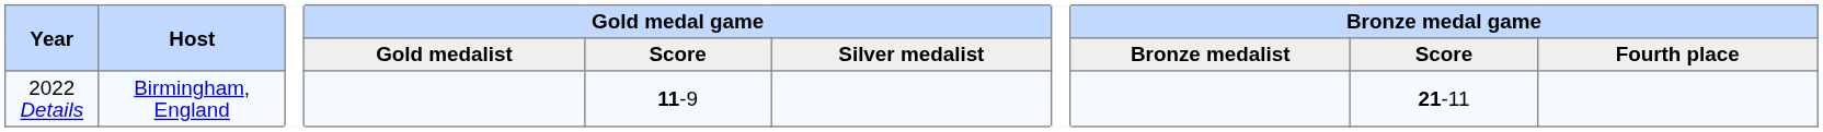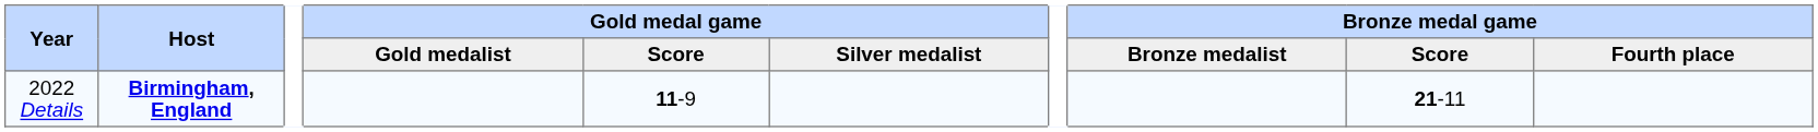 <table border=1 style="border-collapse:collapse; font-size:90%; text-align:center;" cellpadding=3 cellspacing=0>
 <tr bgcolor=#C1D8FF>
 <th rowspan=2 width=5%>Year</th>
 <th rowspan=2 width=10%>Host</th>
 <th rowspan="100%" width=1% bgcolor=white style="border-top:1px solid transparent; border-bottom:1px solid transparent;"></th>
 <th colspan=3>Gold medal game</th>
 <th rowspan="100%" width=1% bgcolor=white style="border-top:1px solid transparent; border-bottom:1px solid transparent;"></th>
 <th colspan=3>Bronze medal game</th>
 </tr>
 <tr bgcolor=#EFEFEF>
 <th width=15%>Gold medalist</th>
 <th width=10%>Score</th>
 <th width=15%>Silver medalist</th>
 <th width=15%>Bronze medalist</th>
 <th width=10%>Score</th>
 <th width=15%>Fourth place</th>
 </tr>
 <tr bgcolor=#F5FAFF>
 <td>2022<br><em><a href='#'>Details</a></em></td>
-<td><a href='#'>Birmingham</a>, <a href='#'>England</a></td>
+<td><strong><a href='#'>Birmingham</a>, <a href='#'>England</a></strong></td>
 <td></td>
 <td><strong>11</strong>-9</td>
 <td></td>
 <td></td>
 <td><strong>21</strong>-11</td>
 <td></td>
 </tr>
 </table>
